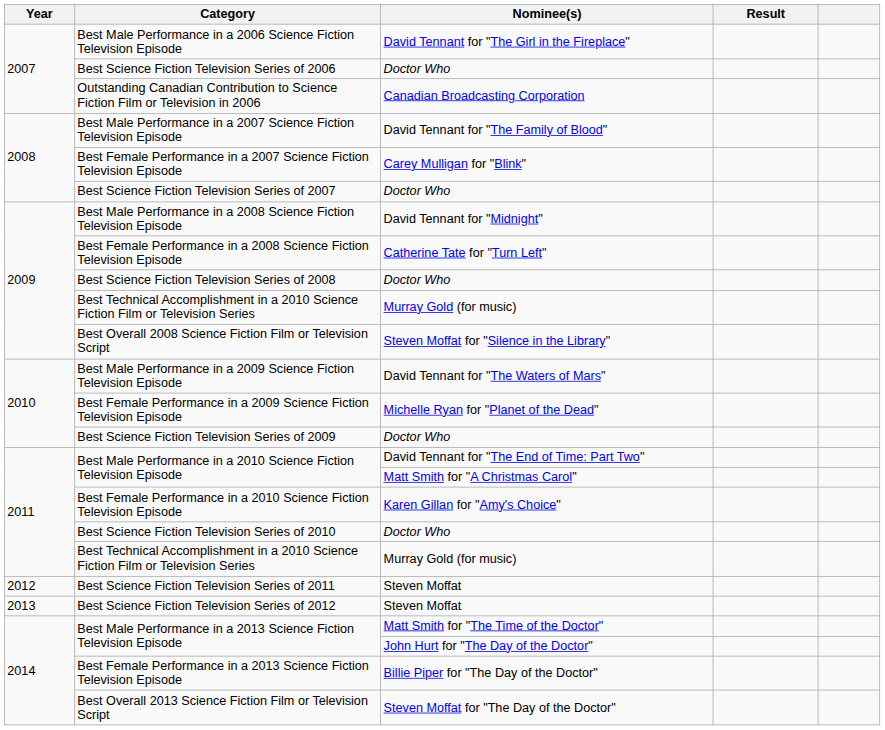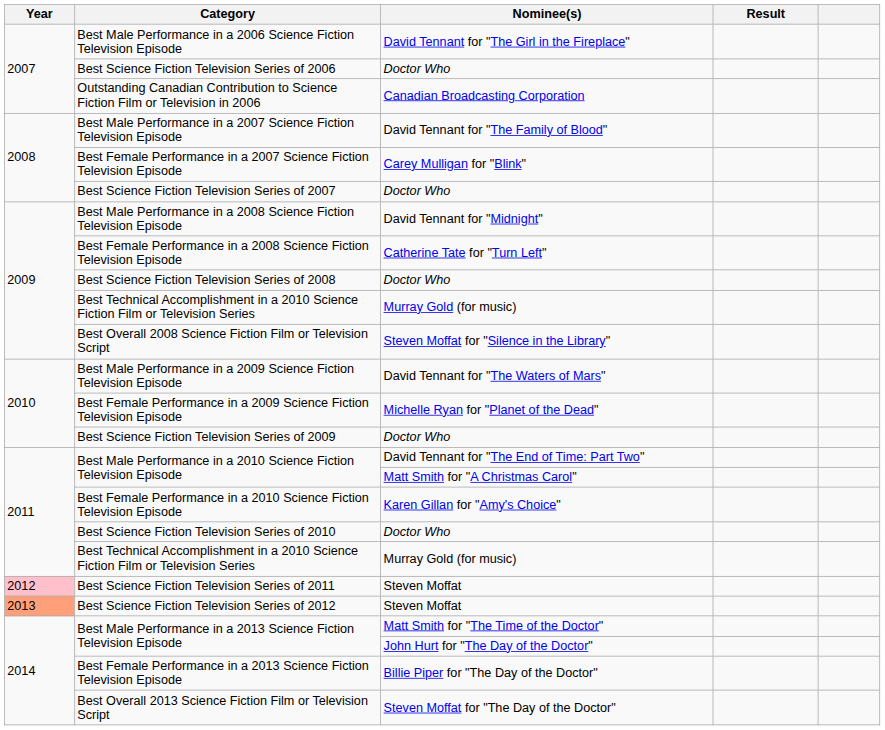 <table class="wikitable" style="width:70%">
 <tr>
 <th style="width:8%">Year</th>
 <th style="width:35%">Category</th>
 <th style="width:38%">Nominee(s)</th>
 <th style="width:12%">Result</th>
 <th style="width:7%"></th>
 </tr>
 <tr>
 <td rowspan="3">2007</td>
 <td>Best Male Performance in a 2006 Science Fiction Television Episode</td>
 <td><a href='#'>David Tennant</a> for "<a href='#'>The Girl in the Fireplace</a>"</td>
 <td></td>
 <td></td>
 </tr>
 <tr>
 <td>Best Science Fiction Television Series of 2006</td>
 <td><em>Doctor Who</em></td>
 <td></td>
 <td></td>
 </tr>
 <tr>
 <td>Outstanding Canadian Contribution to Science Fiction Film or Television in 2006</td>
 <td><a href='#'>Canadian Broadcasting Corporation</a></td>
 <td></td>
 <td></td>
 </tr>
 <tr>
 <td rowspan="3">2008</td>
 <td>Best Male Performance in a 2007 Science Fiction Television Episode</td>
 <td>David Tennant for "<a href='#'>The Family of Blood</a>"</td>
 <td></td>
 <td></td>
 </tr>
 <tr>
 <td>Best Female Performance in a 2007 Science Fiction Television Episode</td>
 <td><a href='#'>Carey Mulligan</a> for "<a href='#'>Blink</a>"</td>
 <td></td>
 <td></td>
 </tr>
 <tr>
 <td>Best Science Fiction Television Series of 2007</td>
 <td><em>Doctor Who</em></td>
 <td></td>
 <td></td>
 </tr>
 <tr>
 <td rowspan="5">2009</td>
 <td>Best Male Performance in a 2008 Science Fiction Television Episode</td>
 <td>David Tennant for "<a href='#'>Midnight</a>"</td>
 <td></td>
 <td></td>
 </tr>
 <tr>
 <td>Best Female Performance in a 2008 Science Fiction Television Episode</td>
 <td><a href='#'>Catherine Tate</a> for "<a href='#'>Turn Left</a>"</td>
 <td></td>
 <td></td>
 </tr>
 <tr>
 <td>Best Science Fiction Television Series of 2008</td>
 <td><em>Doctor Who</em></td>
 <td></td>
 <td></td>
 </tr>
 <tr>
 <td>Best Technical Accomplishment in a 2010 Science Fiction Film or Television Series</td>
 <td><a href='#'>Murray Gold</a> (for music)</td>
 <td></td>
 <td></td>
 </tr>
 <tr>
 <td>Best Overall 2008 Science Fiction Film or Television Script</td>
 <td><a href='#'>Steven Moffat</a> for "<a href='#'>Silence in the Library</a>"</td>
 <td></td>
 <td></td>
 </tr>
 <tr>
 <td rowspan="3">2010</td>
 <td>Best Male Performance in a 2009 Science Fiction Television Episode</td>
 <td>David Tennant for "<a href='#'>The Waters of Mars</a>"</td>
 <td></td>
 <td></td>
 </tr>
 <tr>
 <td>Best Female Performance in a 2009 Science Fiction Television Episode</td>
 <td><a href='#'>Michelle Ryan</a> for "<a href='#'>Planet of the Dead</a>"</td>
 <td></td>
 <td></td>
 </tr>
 <tr>
 <td>Best Science Fiction Television Series of 2009</td>
 <td><em>Doctor Who</em></td>
 <td></td>
 <td></td>
 </tr>
 <tr>
 <td rowspan="5">2011</td>
 <td rowspan="2">Best Male Performance in a 2010 Science Fiction Television Episode</td>
 <td>David Tennant for "<a href='#'>The End of Time: Part Two</a>"</td>
 <td></td>
 <td></td>
 </tr>
 <tr>
 <td><a href='#'>Matt Smith</a> for "<a href='#'>A Christmas Carol</a>"</td>
 <td></td>
 <td></td>
 </tr>
 <tr>
 <td>Best Female Performance in a 2010 Science Fiction Television Episode</td>
 <td><a href='#'>Karen Gillan</a> for "<a href='#'>Amy's Choice</a>"</td>
 <td></td>
 <td></td>
 </tr>
 <tr>
 <td>Best Science Fiction Television Series of 2010</td>
 <td><em>Doctor Who</em></td>
 <td></td>
 <td></td>
 </tr>
 <tr>
 <td>Best Technical Accomplishment in a 2010 Science Fiction Film or Television Series</td>
 <td>Murray Gold (for music)</td>
 <td></td>
 <td></td>
 </tr>
 <tr>
-<td>2012</td>
+<td style="background: pink;">2012</td>
 <td>Best Science Fiction Television Series of 2011</td>
 <td>Steven Moffat</td>
 <td></td>
 <td></td>
 </tr>
 <tr>
-<td>2013</td>
+<td style="background: lightsalmon;">2013</td>
 <td>Best Science Fiction Television Series of 2012</td>
 <td>Steven Moffat</td>
 <td></td>
 <td></td>
 </tr>
 <tr>
 <td rowspan="4">2014</td>
 <td rowspan="2">Best Male Performance in a 2013 Science Fiction Television Episode</td>
 <td><a href='#'>Matt Smith</a> for "<a href='#'>The Time of the Doctor</a>"</td>
 <td></td>
 <td></td>
 </tr>
 <tr>
 <td><a href='#'>John Hurt</a> for "<a href='#'>The Day of the Doctor</a>"</td>
 <td></td>
 <td></td>
 </tr>
 <tr>
 <td>Best Female Performance in a 2013 Science Fiction Television Episode</td>
 <td><a href='#'>Billie Piper</a> for "The Day of the Doctor"</td>
 <td></td>
 <td></td>
 </tr>
 <tr>
 <td>Best Overall 2013 Science Fiction Film or Television Script</td>
 <td><a href='#'>Steven Moffat</a> for "The Day of the Doctor"</td>
 <td></td>
 <td></td>
 </tr>
 </table>
